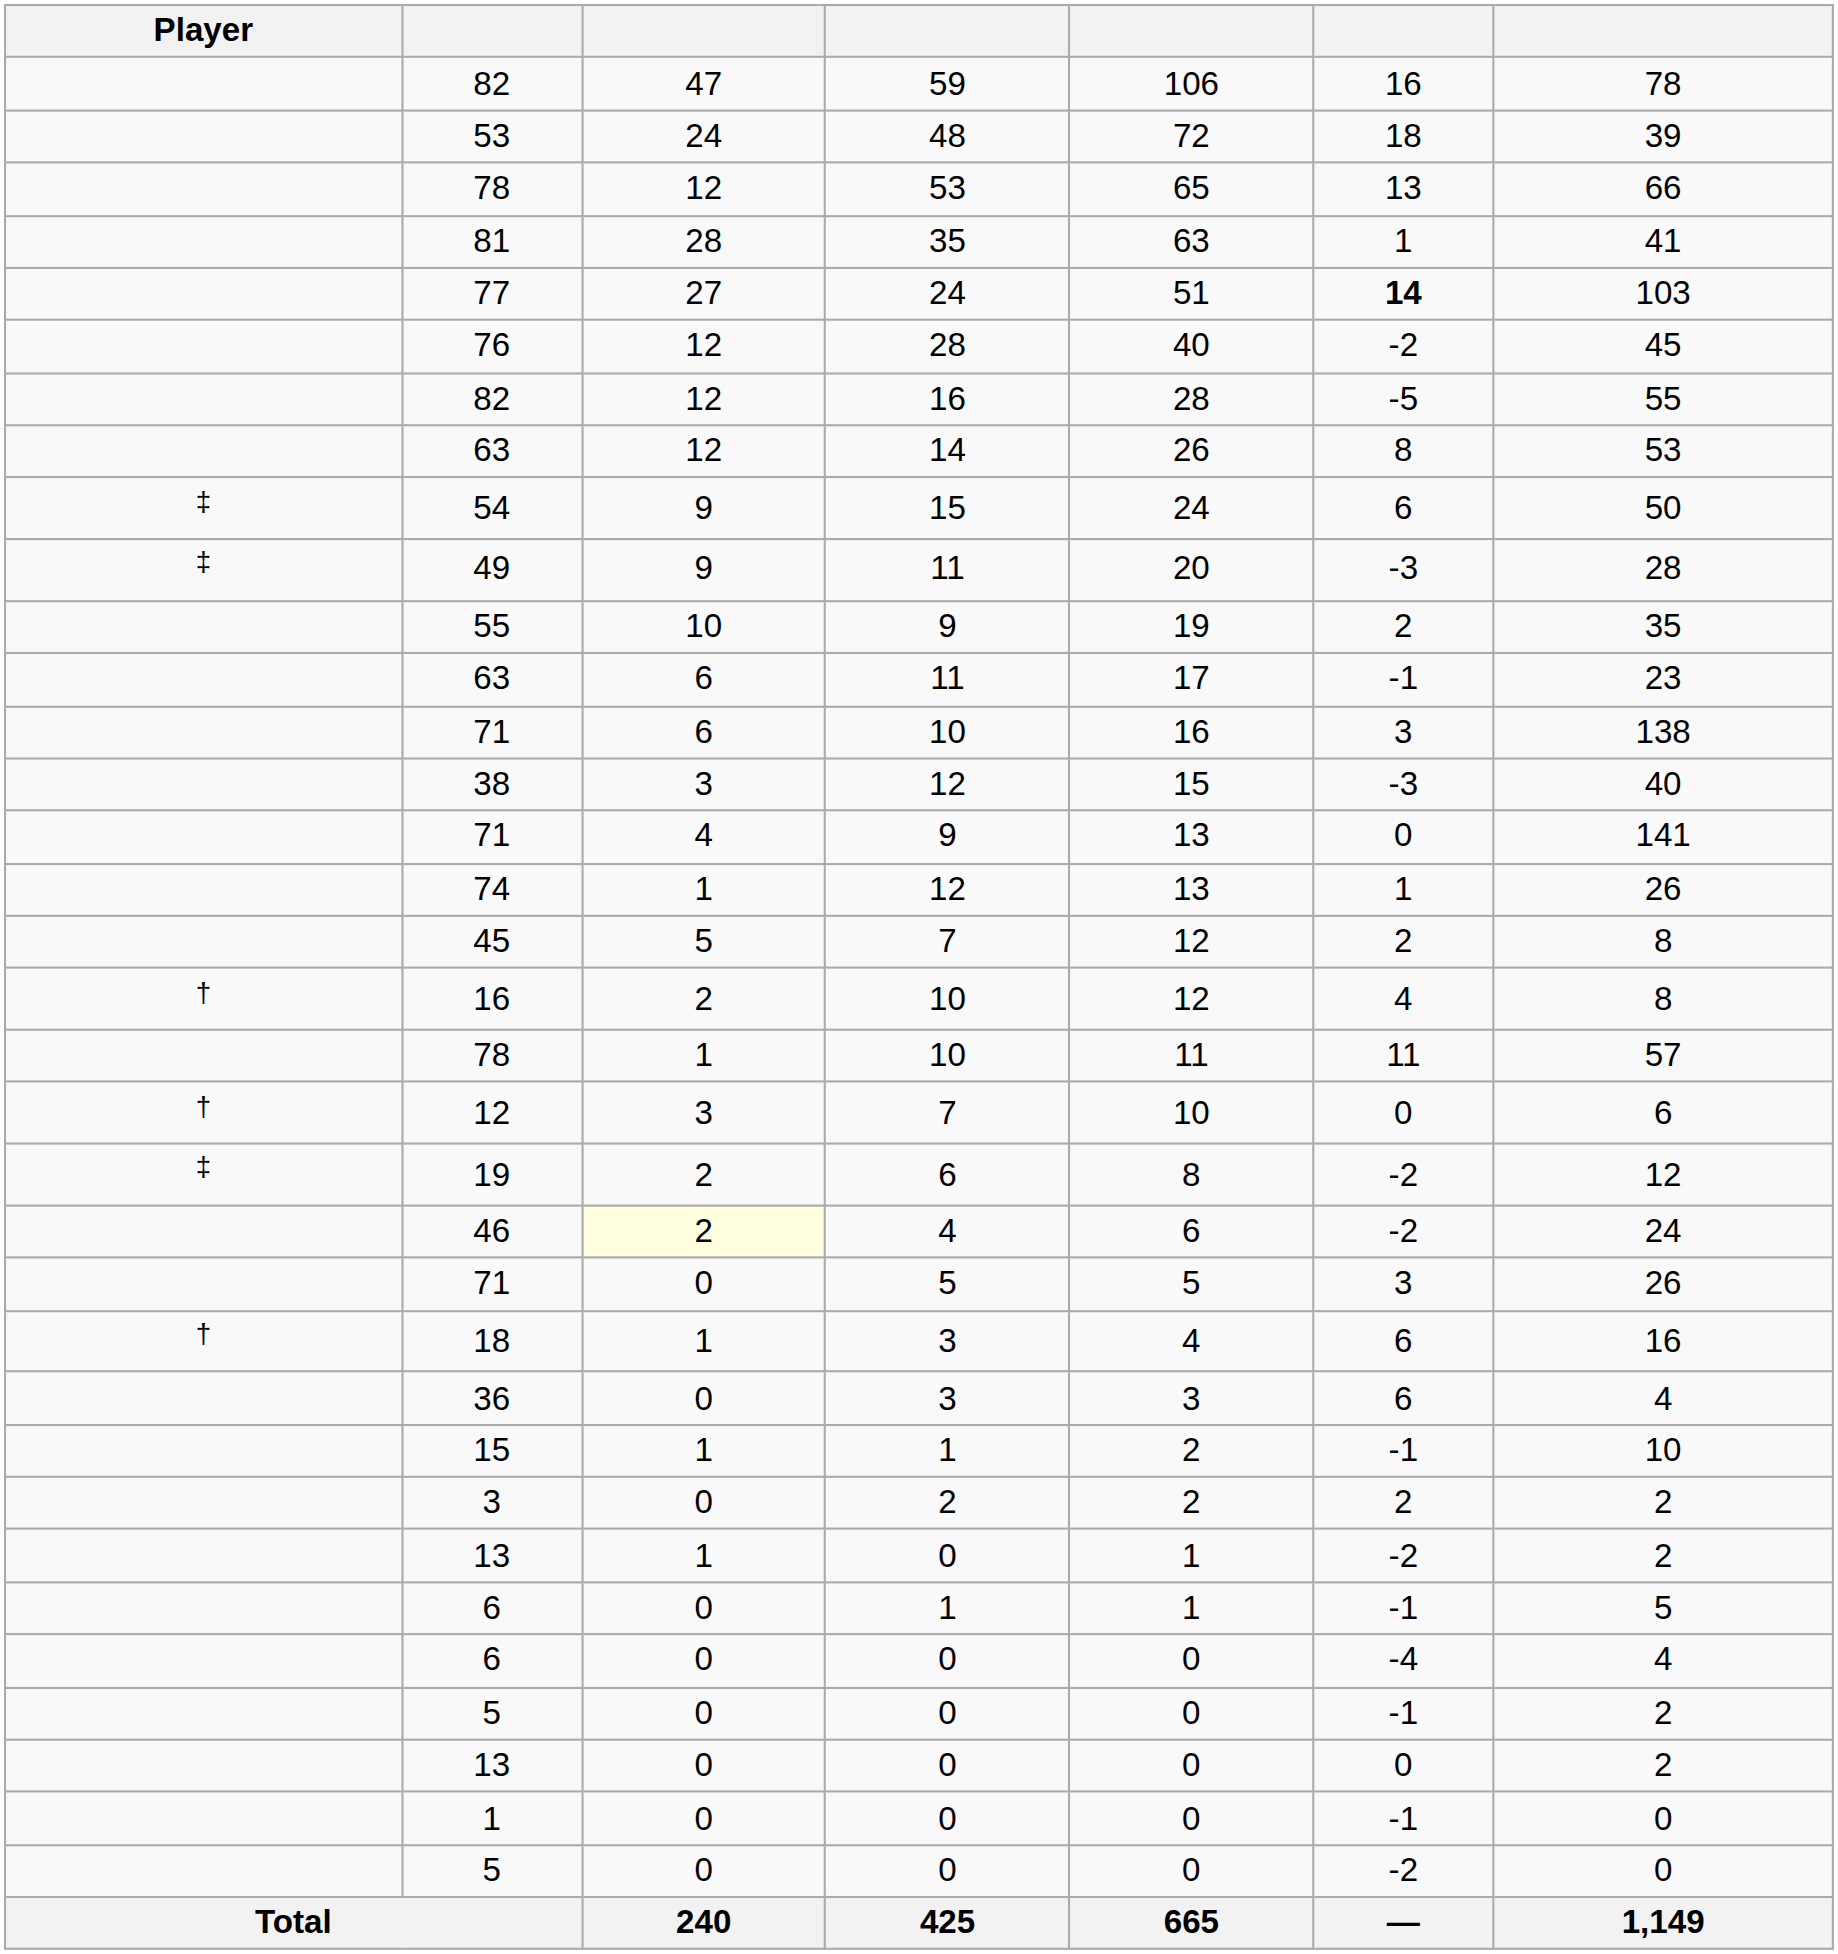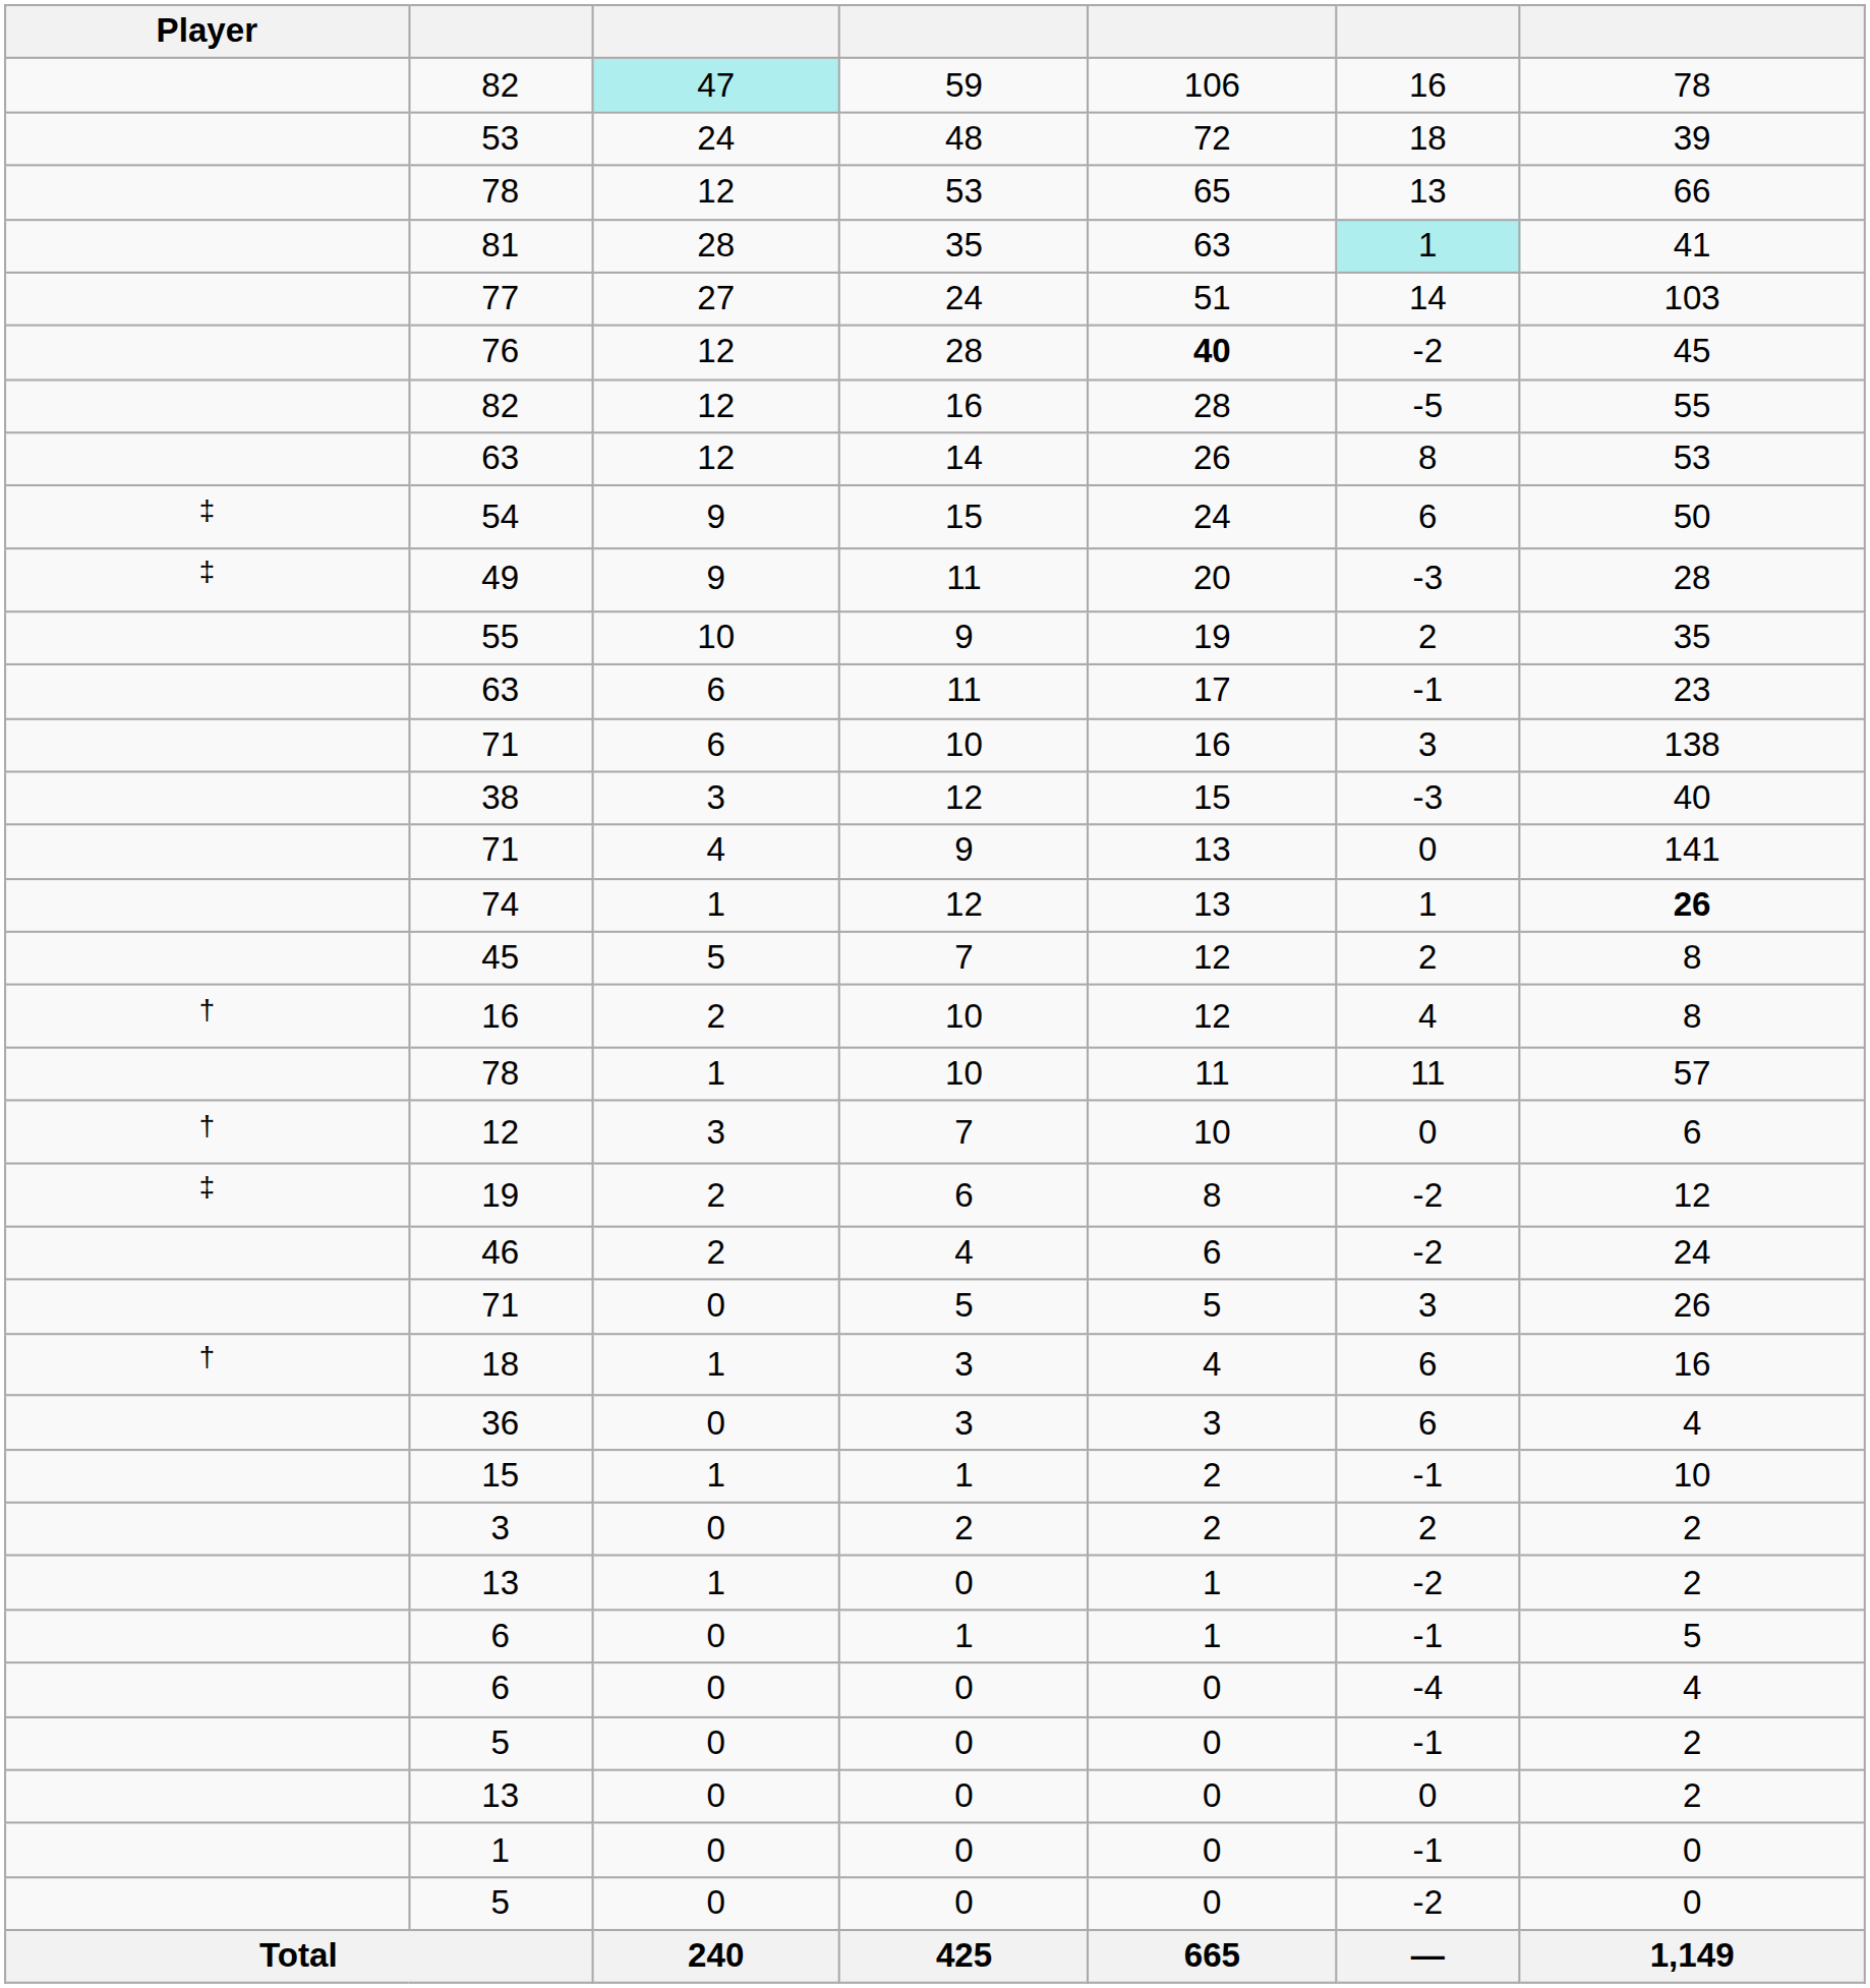 <table class="wikitable sortable" style="width:100%; text-align:center;">
 <tr align=center>
 <th>Player</th>
 <th></th>
 <th></th>
 <th></th>
 <th></th>
 <th data-sort-type="number"></th>
 <th></th>
 </tr>
 <tr>
 <td></td>
 <td>82</td>
-<td>47</td>
+<td style="background: paleturquoise;">47</td>
 <td>59</td>
 <td>106</td>
 <td>16</td>
 <td>78</td>
 </tr>
 <tr>
 <td></td>
 <td>53</td>
 <td>24</td>
 <td>48</td>
 <td>72</td>
 <td>18</td>
 <td>39</td>
 </tr>
 <tr>
 <td></td>
 <td>78</td>
 <td>12</td>
 <td>53</td>
 <td>65</td>
 <td>13</td>
 <td>66</td>
 </tr>
 <tr>
 <td></td>
 <td>81</td>
 <td>28</td>
 <td>35</td>
 <td>63</td>
-<td>1</td>
+<td style="background: paleturquoise;">1</td>
 <td>41</td>
 </tr>
 <tr>
 <td></td>
 <td>77</td>
 <td>27</td>
 <td>24</td>
 <td>51</td>
-<td><strong>14</strong></td>
+<td>14</td>
 <td>103</td>
 </tr>
 <tr>
 <td></td>
 <td>76</td>
 <td>12</td>
 <td>28</td>
-<td>40</td>
+<td><strong>40</strong></td>
 <td>-2</td>
 <td>45</td>
 </tr>
 <tr>
 <td></td>
 <td>82</td>
 <td>12</td>
 <td>16</td>
 <td>28</td>
 <td>-5</td>
 <td>55</td>
 </tr>
 <tr>
 <td></td>
 <td>63</td>
 <td>12</td>
 <td>14</td>
 <td>26</td>
 <td>8</td>
 <td>53</td>
 </tr>
 <tr>
 <td><sup>‡</sup></td>
 <td>54</td>
 <td>9</td>
 <td>15</td>
 <td>24</td>
 <td>6</td>
 <td>50</td>
 </tr>
 <tr>
 <td><sup>‡</sup></td>
 <td>49</td>
 <td>9</td>
 <td>11</td>
 <td>20</td>
 <td>-3</td>
 <td>28</td>
 </tr>
 <tr>
 <td></td>
 <td>55</td>
 <td>10</td>
 <td>9</td>
 <td>19</td>
 <td>2</td>
 <td>35</td>
 </tr>
 <tr>
 <td></td>
 <td>63</td>
 <td>6</td>
 <td>11</td>
 <td>17</td>
 <td>-1</td>
 <td>23</td>
 </tr>
 <tr>
 <td></td>
 <td>71</td>
 <td>6</td>
 <td>10</td>
 <td>16</td>
 <td>3</td>
 <td>138</td>
 </tr>
 <tr>
 <td></td>
 <td>38</td>
 <td>3</td>
 <td>12</td>
 <td>15</td>
 <td>-3</td>
 <td>40</td>
 </tr>
 <tr>
 <td></td>
 <td>71</td>
 <td>4</td>
 <td>9</td>
 <td>13</td>
 <td>0</td>
 <td>141</td>
 </tr>
 <tr>
 <td></td>
 <td>74</td>
 <td>1</td>
 <td>12</td>
 <td>13</td>
 <td>1</td>
-<td>26</td>
+<td><strong>26</strong></td>
 </tr>
 <tr>
 <td></td>
 <td>45</td>
 <td>5</td>
 <td>7</td>
 <td>12</td>
 <td>2</td>
 <td>8</td>
 </tr>
 <tr>
 <td><sup>†</sup></td>
 <td>16</td>
 <td>2</td>
 <td>10</td>
 <td>12</td>
 <td>4</td>
 <td>8</td>
 </tr>
 <tr>
 <td></td>
 <td>78</td>
 <td>1</td>
 <td>10</td>
 <td>11</td>
 <td>11</td>
 <td>57</td>
 </tr>
 <tr>
 <td><sup>†</sup></td>
 <td>12</td>
 <td>3</td>
 <td>7</td>
 <td>10</td>
 <td>0</td>
 <td>6</td>
 </tr>
 <tr>
 <td><sup>‡</sup></td>
 <td>19</td>
 <td>2</td>
 <td>6</td>
 <td>8</td>
 <td>-2</td>
 <td>12</td>
 </tr>
 <tr>
 <td></td>
 <td>46</td>
-<td style="background: lightyellow;">2</td>
+<td>2</td>
 <td>4</td>
 <td>6</td>
 <td>-2</td>
 <td>24</td>
 </tr>
 <tr>
 <td></td>
 <td>71</td>
 <td>0</td>
 <td>5</td>
 <td>5</td>
 <td>3</td>
 <td>26</td>
 </tr>
 <tr>
 <td><sup>†</sup></td>
 <td>18</td>
 <td>1</td>
 <td>3</td>
 <td>4</td>
 <td>6</td>
 <td>16</td>
 </tr>
 <tr>
 <td></td>
 <td>36</td>
 <td>0</td>
 <td>3</td>
 <td>3</td>
 <td>6</td>
 <td>4</td>
 </tr>
 <tr>
 <td></td>
 <td>15</td>
 <td>1</td>
 <td>1</td>
 <td>2</td>
 <td>-1</td>
 <td>10</td>
 </tr>
 <tr>
 <td></td>
 <td>3</td>
 <td>0</td>
 <td>2</td>
 <td>2</td>
 <td>2</td>
 <td>2</td>
 </tr>
 <tr>
 <td></td>
 <td>13</td>
 <td>1</td>
 <td>0</td>
 <td>1</td>
 <td>-2</td>
 <td>2</td>
 </tr>
 <tr>
 <td></td>
 <td>6</td>
 <td>0</td>
 <td>1</td>
 <td>1</td>
 <td>-1</td>
 <td>5</td>
 </tr>
 <tr>
 <td></td>
 <td>6</td>
 <td>0</td>
 <td>0</td>
 <td>0</td>
 <td>-4</td>
 <td>4</td>
 </tr>
 <tr>
 <td></td>
 <td>5</td>
 <td>0</td>
 <td>0</td>
 <td>0</td>
 <td>-1</td>
 <td>2</td>
 </tr>
 <tr>
 <td></td>
 <td>13</td>
 <td>0</td>
 <td>0</td>
 <td>0</td>
 <td>0</td>
 <td>2</td>
 </tr>
 <tr>
 <td></td>
 <td>1</td>
 <td>0</td>
 <td>0</td>
 <td>0</td>
 <td>-1</td>
 <td>0</td>
 </tr>
 <tr>
 <td></td>
 <td>5</td>
 <td>0</td>
 <td>0</td>
 <td>0</td>
 <td>-2</td>
 <td>0</td>
 </tr>
 <tr class="sortbottom">
 <th colspan=2>Total</th>
 <th>240</th>
 <th>425</th>
 <th>665</th>
 <th>—</th>
 <th>1,149</th>
 </tr>
 </table>
